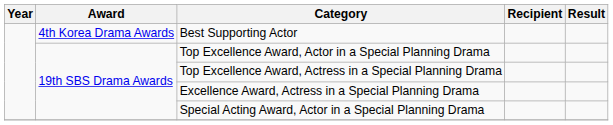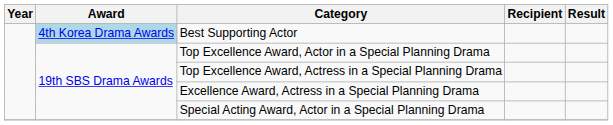 <table class="wikitable">
 <tr>
 <th>Year</th>
 <th>Award</th>
 <th>Category</th>
 <th>Recipient</th>
 <th>Result</th>
 </tr>
 <tr>
 <td rowspan="5"></td>
-<td><a href='#'>4th Korea Drama Awards</a></td>
+<td style="background: lightblue;"><a href='#'>4th Korea Drama Awards</a></td>
 <td>Best Supporting Actor</td>
 <td></td>
 <td></td>
 </tr>
 <tr>
 <td rowspan="4"><a href='#'>19th SBS Drama Awards</a></td>
 <td>Top Excellence Award, Actor in a Special Planning Drama</td>
 <td></td>
 <td></td>
 </tr>
 <tr>
 <td>Top Excellence Award, Actress in a Special Planning Drama</td>
 <td></td>
 <td></td>
 </tr>
 <tr>
 <td>Excellence Award, Actress in a Special Planning Drama</td>
 <td></td>
 <td></td>
 </tr>
 <tr>
 <td>Special Acting Award, Actor in a Special Planning Drama</td>
 <td></td>
 <td></td>
 </tr>
 <tr>
 </tr>
 </table>
